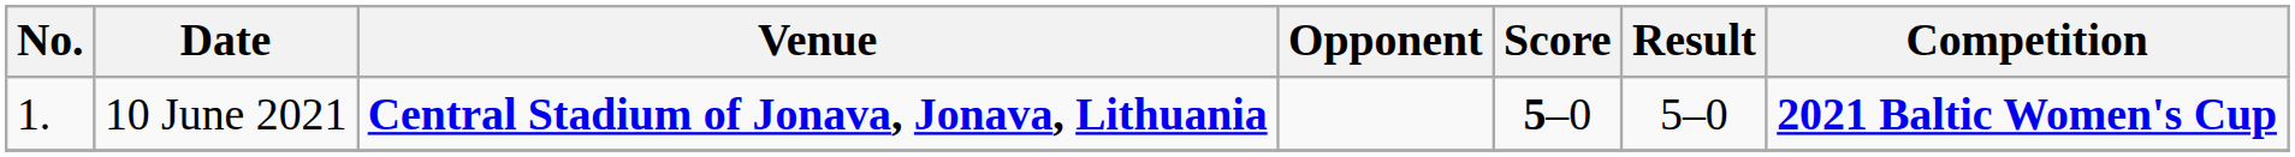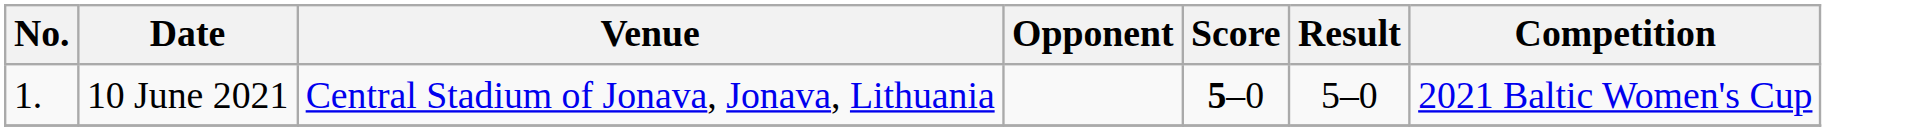 <table class="wikitable">
 <tr>
 <th>No.</th>
 <th>Date</th>
 <th>Venue</th>
 <th>Opponent</th>
 <th>Score</th>
 <th>Result</th>
 <th>Competition</th>
 </tr>
 <tr>
 <td>1.</td>
 <td>10 June 2021</td>
-<td><strong><a href='#'>Central Stadium of Jonava</a>, <a href='#'>Jonava</a>, <a href='#'>Lithuania</a></strong></td>
+<td><a href='#'>Central Stadium of Jonava</a>, <a href='#'>Jonava</a>, <a href='#'>Lithuania</a></td>
 <td></td>
 <td align=center><strong>5</strong>–0</td>
 <td align=center>5–0</td>
-<td><strong><a href='#'>2021 Baltic Women's Cup</a></strong></td>
+<td><a href='#'>2021 Baltic Women's Cup</a></td>
 </tr>
 <tr>
 </tr>
 </table>
